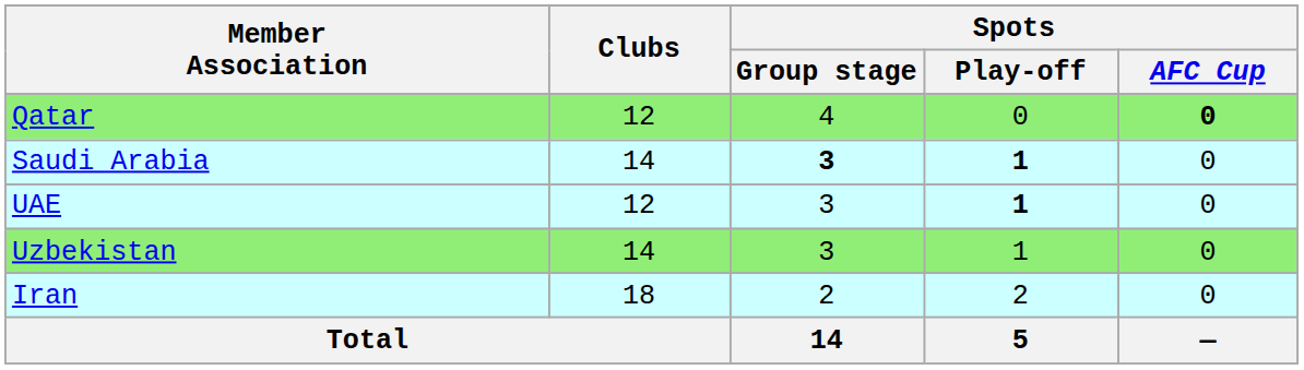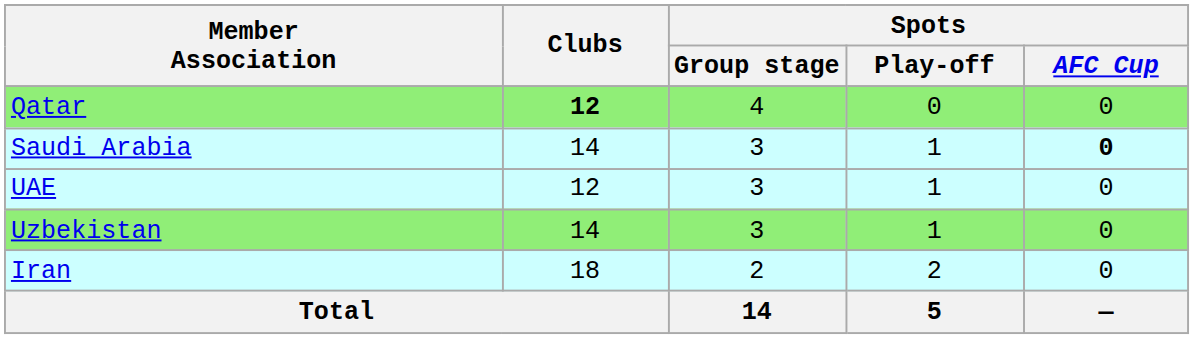 <table class="wikitable" style="text-align: center;">
 <tr>
 </tr>
 <tr>
 <th rowspan="2">Member<br>Association</th>
 <th width=14% rowspan="2">Clubs</th>
 <th colspan="3">Spots</th>
 </tr>
 <tr>
 <th width=15%>Group stage</th>
 <th width=15%>Play-off</th>
 <th width=14%><em><a href='#'>AFC Cup</a></em></th>
 </tr>
 <tr bgcolor=#90EE77>
 <td align=left> <a href='#'>Qatar</a></td>
-<td>12</td>
+<td><strong>12</strong></td>
 <td>4</td>
 <td>0</td>
-<td><strong>0</strong></td>
+<td>0</td>
 </tr>
 <tr bgcolor=#ccffff>
 <td align=left> <a href='#'>Saudi Arabia</a></td>
 <td>14</td>
-<td><strong>3</strong></td>
-<td><strong>1</strong></td>
-<td>0</td>
+<td>3</td>
+<td>1</td>
+<td><strong>0</strong></td>
 </tr>
 <tr bgcolor=#ccffff>
 <td align=left> <a href='#'>UAE</a></td>
 <td>12</td>
 <td>3</td>
-<td><strong>1</strong></td>
+<td>1</td>
 <td>0</td>
 </tr>
 <tr bgcolor=#90EE77>
 <td align=left> <a href='#'>Uzbekistan</a></td>
 <td>14</td>
 <td>3</td>
 <td>1</td>
 <td>0</td>
 </tr>
 <tr bgcolor=#ccffff>
 <td align=left> <a href='#'>Iran</a></td>
 <td>18</td>
 <td>2</td>
 <td>2</td>
 <td>0</td>
 </tr>
 <tr>
 <th colspan="2">Total</th>
 <th>14</th>
 <th>5</th>
 <th>—</th>
 </tr>
 </table>
